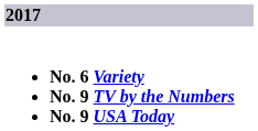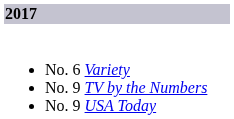 <table class="collapsible collapsed">
 <tr>
 <th style="width:14em; background:#C4C3D0; text-align:left">2017</th>
 </tr>
 <tr>
-<td colspan=><strong><br><ul><li>No. 6 <em><a href='#'>Variety</a></em></li><li>No. 9 <em><a href='#'>TV by the Numbers</a></em></li><li>No. 9 <em><a href='#'>USA Today</a></em></li></ul></strong></td>
+<td colspan=><br><ul><li>No. 6 <em><a href='#'>Variety</a></em></li><li>No. 9 <em><a href='#'>TV by the Numbers</a></em></li><li>No. 9 <em><a href='#'>USA Today</a></em></li></ul></td>
 </tr>
 </table>
